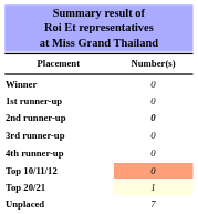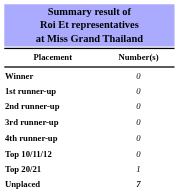 <table style="width: 270px; font-size:85%; line-height:1.5em;">
 <tr>
 <th colspan="2" align="center" style="background:#AAF;"><big>Summary result of<br>Roi Et representatives<br>at Miss Grand Thailand</big></th>
 </tr>
 <tr>
 <td colspan="2" style="background:black"></td>
 </tr>
 <tr>
 <th scope="col">Placement</th>
 <th scope="col">Number(s)</th>
 </tr>
 <tr>
 <td colspan="2" style="background:black"></td>
 </tr>
 <tr>
 <td align="left"><strong>Winner</strong></td>
 <td align="center"><em>0</em></td>
 </tr>
 <tr>
 <td align="left"><strong>1st runner-up</strong></td>
 <td align="center"><em>0</em></td>
 </tr>
 <tr>
 <td align="left"><strong>2nd runner-up</strong></td>
-<td align="center"><strong><em>0</em></strong></td>
+<td align="center"><em>0</em></td>
 </tr>
 <tr>
 <td align="left"><strong>3rd runner-up</strong></td>
 <td align="center"><em>0</em></td>
 </tr>
 <tr>
 <td align="left"><strong>4th runner-up</strong></td>
 <td align="center"><em>0</em></td>
 </tr>
 <tr>
 <td align="left"><strong>Top 10/11/12</strong></td>
-<td align="center" style="background: lightsalmon;"><em>0</em></td>
+<td align="center"><em>0</em></td>
 </tr>
 <tr>
 <td align="left"><strong>Top 20/21</strong></td>
-<td align="center" style="background: lightyellow;"><em>1</em></td>
+<td align="center"><em>1</em></td>
 </tr>
 <tr>
 <td align="left"><strong>Unplaced</strong></td>
-<td align="center"><em>7</em></td>
+<td align="center"><strong><em>7</em></strong></td>
 </tr>
 </table>
